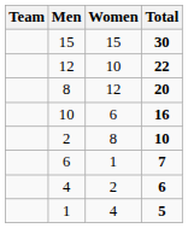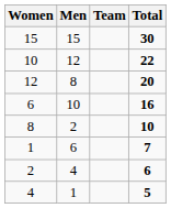 <table class=wikitable style="text-align:center">
 <tr>
+<th>Women</th>
+<th>Men</th>
 <th>Team</th>
-<th>Men</th>
-<th>Women</th>
 <th>Total</th>
 </tr>
 <tr>
-<td align=left></td>
 <td>15</td>
 <td>15</td>
+<td align=left></td>
 <td><strong>30</strong></td>
 </tr>
 <tr>
+<td>10</td>
+<td>12</td>
 <td align=left></td>
-<td>12</td>
-<td>10</td>
 <td><strong>22</strong></td>
 </tr>
 <tr>
+<td>12</td>
+<td>8</td>
 <td align=left></td>
-<td>8</td>
-<td>12</td>
 <td><strong>20</strong></td>
 </tr>
 <tr>
+<td>6</td>
+<td>10</td>
 <td align=left></td>
-<td>10</td>
-<td>6</td>
 <td><strong>16</strong></td>
 </tr>
 <tr>
+<td>8</td>
+<td>2</td>
 <td align=left></td>
-<td>2</td>
-<td>8</td>
 <td><strong>10</strong></td>
 </tr>
 <tr>
+<td>1</td>
+<td>6</td>
 <td align=left></td>
-<td>6</td>
-<td>1</td>
 <td><strong>7</strong></td>
 </tr>
 <tr>
+<td>2</td>
+<td>4</td>
 <td align=left></td>
-<td>4</td>
-<td>2</td>
 <td><strong>6</strong></td>
 </tr>
 <tr>
+<td>4</td>
+<td>1</td>
 <td align=left></td>
-<td>1</td>
-<td>4</td>
 <td><strong>5</strong></td>
 </tr>
 </table>
